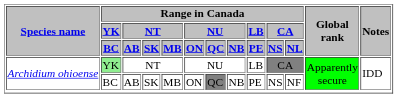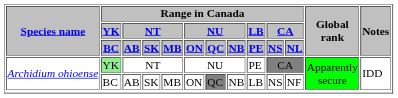 <table border="1" |>
 <tr>
 <th rowspan="3" bgcolor=silver><a href='#'>Species name</a></th>
 <th colspan="10" bgcolor=silver>Range in Canada</th>
 <th rowspan="3" bgcolor=silver>Global <br> rank</th>
 <th rowspan="3" bgcolor=silver>Notes</th>
 </tr>
 <tr>
 <th bgcolor=silver><a href='#'>YK</a></th>
 <th colspan="3" bgcolor=silver><a href='#'>NT</a></th>
 <th colspan="3" bgcolor=silver><a href='#'>NU</a></th>
 <th bgcolor=silver><a href='#'>LB</a></th>
 <th colspan="2" bgcolor=silver><a href='#'>CA</a></th>
 </tr>
 <tr>
 <th bgcolor=silver><a href='#'>BC</a></th>
 <th bgcolor=silver><a href='#'>AB</a></th>
 <th bgcolor=silver><a href='#'>SK</a></th>
 <th bgcolor=silver><a href='#'>MB</a></th>
 <th bgcolor=silver><a href='#'>ON</a></th>
 <th bgcolor=silver><a href='#'>QC</a></th>
 <th bgcolor=silver><a href='#'>NB</a></th>
 <th bgcolor=silver><a href='#'>PE</a></th>
 <th bgcolor=silver><a href='#'>NS</a></th>
 <th bgcolor=silver><a href='#'>NL</a></th>
 </tr>
 <tr>
 <td rowspan="2"><em><a href='#'>Archidium ohioense</a></em></td>
 <td style="background: lightgreen;">YK</td>
 <td colspan="3" align="center">NT</td>
 <td colspan="3" align="center">NU</td>
-<td>LB</td>
+<td>PE</td>
 <td colspan="2" align="center" bgcolor=gray>CA</td>
 <td rowspan="2" align="center" bgcolor=lime>Apparently <br> secure</td>
 <td rowspan="2">IDD</td>
 </tr>
 <tr>
 <td>BC</td>
 <td>AB</td>
 <td>SK</td>
 <td>MB</td>
 <td>ON</td>
 <td bgcolor=gray>QC</td>
 <td>NB</td>
-<td>PE</td>
+<td>LB</td>
 <td>NS</td>
 <td>NF</td>
 </tr>
 <tr>
 </tr>
 </table>
